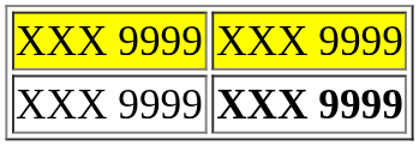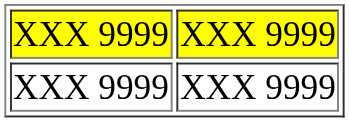 <table border="1" style="margin:1em auto;">
 <tr ---- size="40">
 <td style="background:yellow; text-align:center; font-size: 14pt; color: black">XXX 9999</td>
 <td style="background:yellow; text-align:center; font-size: 14pt; color: black">XXX 9999</td>
 </tr>
 <tr>
 <td style="background:white; text-align:center; font-size: 14pt; color: black">XXX 9999</td>
-<td style="background:white; text-align:center; font-size: 14pt; color: black"><strong>XXX 9999</strong></td>
+<td style="background:white; text-align:center; font-size: 14pt; color: black">XXX 9999</td>
 </tr>
 </table>
